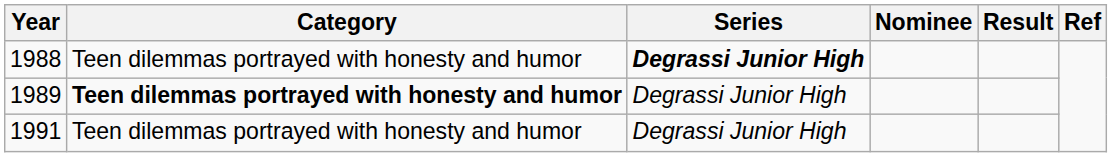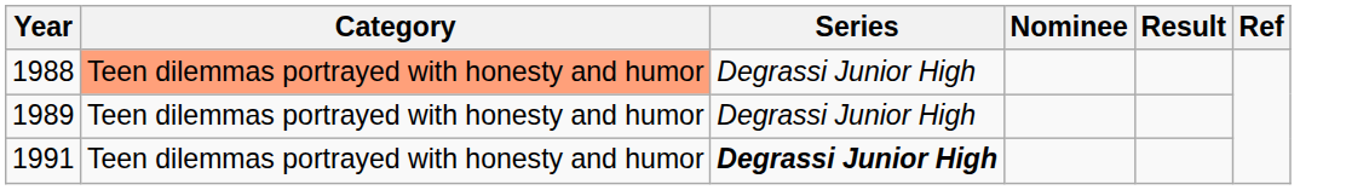 <table class="wikitable">
 <tr>
 <th>Year</th>
 <th>Category</th>
 <th>Series</th>
 <th>Nominee</th>
 <th>Result</th>
 <th>Ref</th>
 </tr>
 <tr>
 <td>1988</td>
-<td>Teen dilemmas portrayed with honesty and humor</td>
-<td><strong><em>Degrassi Junior High</em></strong></td>
+<td style="background: lightsalmon;">Teen dilemmas portrayed with honesty and humor</td>
+<td><em>Degrassi Junior High</em></td>
 <td></td>
 <td></td>
 </tr>
 <tr>
 <td>1989</td>
-<td><strong>Teen dilemmas portrayed with honesty and humor</strong></td>
+<td>Teen dilemmas portrayed with honesty and humor</td>
 <td><em>Degrassi Junior High</em></td>
 <td></td>
 <td></td>
 </tr>
 <tr>
 <td>1991</td>
 <td>Teen dilemmas portrayed with honesty and humor</td>
-<td><em>Degrassi Junior High</em></td>
+<td><strong><em>Degrassi Junior High</em></strong></td>
 <td></td>
 <td></td>
 </tr>
 </table>
